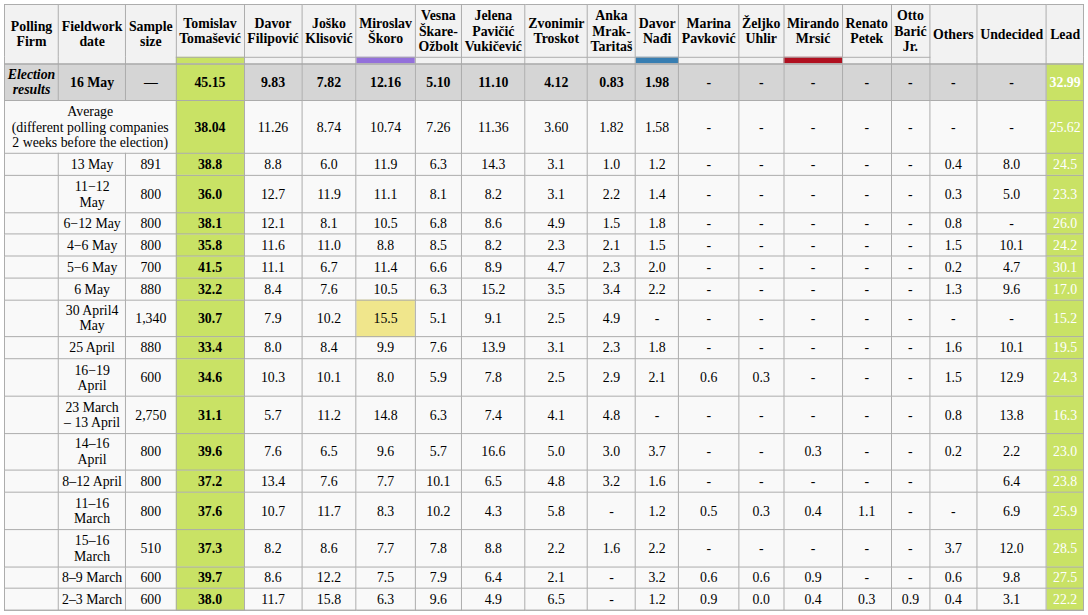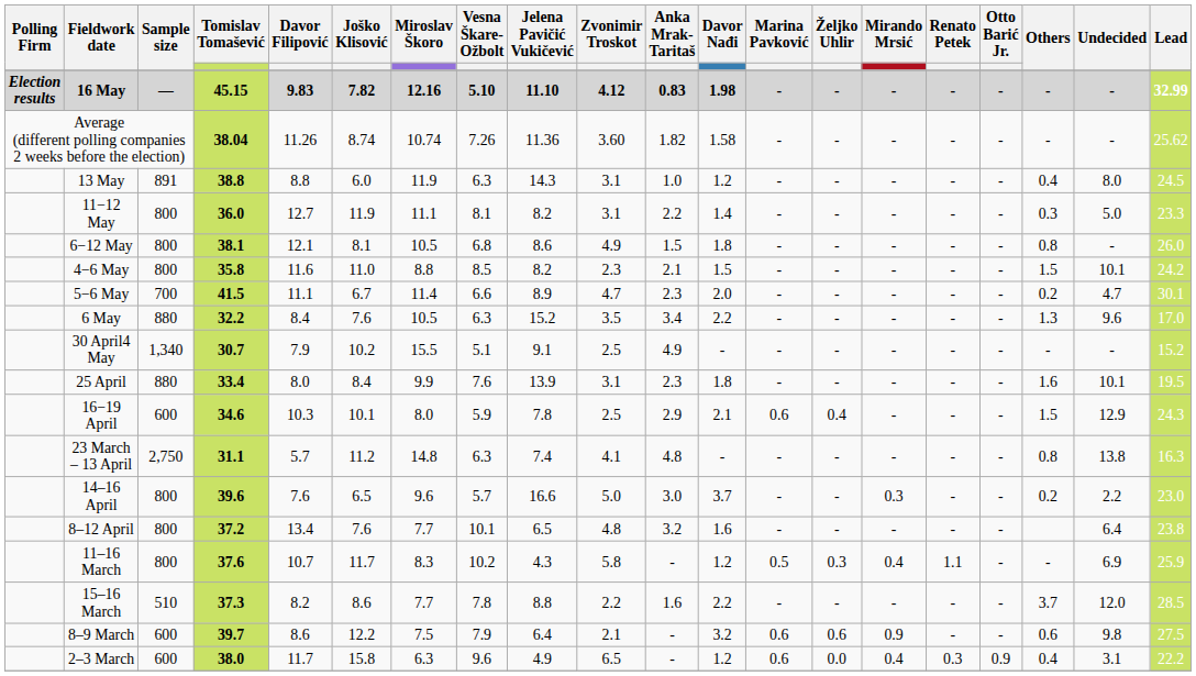 <table class="wikitable sortable" style="text-align:center; font-size:90%; line-height:16px;">
 <tr style="height:42px;">
 <th rowspan="2" style="width:40px;">Polling Firm</th>
 <th rowspan="2" style="width:40px;">Fieldwork date</th>
 <th rowspan="2" style="width:40px;">Sample <br> size</th>
 <th class="unsortable" style="width:40px;">Tomislav Tomašević</th>
 <th class="unsortable" style="width:40px;">Davor Filipović</th>
 <th class="unsortable" style="width:40px;">Joško Klisović</th>
 <th class="unsortable" style="width:40px;">Miroslav Škoro</th>
 <th class="unsortable" style="width:40px;">Vesna Škare-Ožbolt</th>
 <th class="unsortable" style="width:40px;">Jelena Pavičić Vukičević</th>
 <th class="unsortable" style="width:40px;">Zvonimir Troskot</th>
 <th class="unsortable" style="width:40px;">Anka Mrak-Taritaš</th>
 <th class="unsortable" style="width:40px;">Davor Nađi</th>
 <th class="unsortable" style="width:40px;">Marina Pavković</th>
 <th class="unsortable" style="width:40px;">Željko Uhlir</th>
 <th class="unsortable" style="width:40px;">Mirando Mrsić</th>
 <th class="unsortable" style="width:40px;">Renato Petek</th>
 <th class="unsortable" style="width:40px;">Otto Barić Jr.</th>
 <th rowspan="2" class="unsortable" style="width:40px;">Others</th>
 <th rowspan="2" class="unsortable" style="width:40px;">Undecided</th>
 <th rowspan="2" class="unsortable" style="width:20px;">Lead</th>
 </tr>
 <tr>
 <th class="unsortable" style="background:#C9E265" width="45px"></th>
 <th class="unsortable" style="color:inherit;background:"></th>
 <th class="unsortable" style="color:inherit;background:"></th>
 <th class="unsortable" style="color:inherit;background:#9370DB; width:45px;"></th>
 <th class="unsortable" style="background:"></th>
 <th class="unsortable" style="color:inherit;background:"></th>
 <th class="unsortable" style="color:inherit;background:"></th>
 <th class="unsortable" style="color:inherit;background:"></th>
 <th class="unsortable" style="background:#377EB2" width="45px"></th>
 <th class="unsortable" style="background:"></th>
 <th class="unsortable" style="color:inherit;background:"></th>
 <th class="unsortable" style="background:#B00F1F" width="45px"></th>
 <th class="unsortable" style="background:"></th>
 <th class="unsortable" style="background:"></th>
 </tr>
 <tr>
 </tr>
 <tr style="background:#D5D5D5; font-weight:bold;">
 <td style="width:10em"><em>Election results</em></td>
 <td style="width:9em">16 May</td>
 <td>—</td>
 <td style="background:#C9E265"><strong>45.15</strong></td>
 <td>9.83</td>
 <td>7.82</td>
 <td><strong>12.16</strong></td>
 <td>5.10</td>
 <td>11.10</td>
 <td>4.12</td>
 <td>0.83</td>
 <td>1.98</td>
 <td>-</td>
 <td>-</td>
 <td>-</td>
 <td>-</td>
 <td>-</td>
 <td>-</td>
 <td>-</td>
 <td style="background:#C9E265; color: white">32.99</td>
 </tr>
 <tr>
 <td colspan=3>Average<br>(different polling companies 2 weeks before the election)</td>
 <td style="background:#C9E265"><strong>38.04</strong></td>
 <td>11.26</td>
 <td>8.74</td>
 <td>10.74</td>
 <td>7.26</td>
 <td>11.36</td>
 <td>3.60</td>
 <td>1.82</td>
 <td>1.58</td>
 <td>-</td>
 <td>-</td>
 <td>-</td>
 <td>-</td>
 <td>-</td>
 <td>-</td>
 <td>-</td>
 <td style="background:#C9E265; color: white">25.62</td>
 </tr>
 <tr>
 <td> </td>
 <td>13 May</td>
 <td>891</td>
 <td style="background:#C9E265"><strong>38.8</strong></td>
 <td>8.8</td>
 <td>6.0</td>
 <td>11.9</td>
 <td>6.3</td>
 <td>14.3</td>
 <td>3.1</td>
 <td>1.0</td>
 <td>1.2</td>
 <td>-</td>
 <td>-</td>
 <td>-</td>
 <td>-</td>
 <td>-</td>
 <td>0.4</td>
 <td>8.0</td>
 <td style="background:#C9E265; color: white">24.5</td>
 </tr>
 <tr>
 <td></td>
 <td>11−12 May</td>
 <td>800</td>
 <td style="background:#C9E265"><strong>36.0</strong></td>
 <td>12.7</td>
 <td>11.9</td>
 <td>11.1</td>
 <td>8.1</td>
 <td>8.2</td>
 <td>3.1</td>
 <td>2.2</td>
 <td>1.4</td>
 <td>-</td>
 <td>-</td>
 <td>-</td>
 <td>-</td>
 <td>-</td>
 <td>0.3</td>
 <td>5.0</td>
 <td style="background:#C9E265; color: white">23.3</td>
 </tr>
 <tr>
 <td></td>
 <td>6−12 May</td>
 <td>800</td>
 <td style="background:#C9E265"><strong>38.1</strong></td>
 <td>12.1</td>
 <td>8.1</td>
 <td>10.5</td>
 <td>6.8</td>
 <td>8.6</td>
 <td>4.9</td>
 <td>1.5</td>
 <td>1.8</td>
 <td>-</td>
 <td>-</td>
 <td>-</td>
 <td>-</td>
 <td>-</td>
 <td>0.8</td>
 <td>-</td>
 <td style="background:#C9E265; color: white">26.0</td>
 </tr>
 <tr>
 <td></td>
 <td>4−6 May</td>
 <td>800</td>
 <td style="background:#C9E265"><strong>35.8</strong></td>
 <td>11.6</td>
 <td>11.0</td>
 <td>8.8</td>
 <td>8.5</td>
 <td>8.2</td>
 <td>2.3</td>
 <td>2.1</td>
 <td>1.5</td>
 <td>-</td>
 <td>-</td>
 <td>-</td>
 <td>-</td>
 <td>-</td>
 <td>1.5</td>
 <td>10.1</td>
 <td style="background:#C9E265; color: white">24.2</td>
 </tr>
 <tr>
 <td></td>
 <td>5−6 May</td>
 <td>700</td>
 <td style="background:#C9E265"><strong>41.5</strong></td>
 <td>11.1</td>
 <td>6.7</td>
 <td>11.4</td>
 <td>6.6</td>
 <td>8.9</td>
 <td>4.7</td>
 <td>2.3</td>
 <td>2.0</td>
 <td>-</td>
 <td>-</td>
 <td>-</td>
 <td>-</td>
 <td>-</td>
 <td>0.2</td>
 <td>4.7</td>
 <td style="background:#C9E265; color: white">30.1</td>
 </tr>
 <tr>
 <td></td>
 <td>6 May</td>
 <td>880</td>
 <td style="background:#C9E265"><strong>32.2</strong></td>
 <td>8.4</td>
 <td>7.6</td>
 <td>10.5</td>
 <td>6.3</td>
 <td>15.2</td>
 <td>3.5</td>
 <td>3.4</td>
 <td>2.2</td>
 <td>-</td>
 <td>-</td>
 <td>-</td>
 <td>-</td>
 <td>-</td>
 <td>1.3</td>
 <td>9.6</td>
 <td style="background:#C9E265; color: white">17.0</td>
 </tr>
 <tr>
 <td></td>
 <td>30 April4 May</td>
 <td>1,340</td>
 <td style="background:#C9E265"><strong>30.7</strong></td>
 <td>7.9</td>
 <td>10.2</td>
-<td style="background: khaki;">15.5</td>
+<td>15.5</td>
 <td>5.1</td>
 <td>9.1</td>
 <td>2.5</td>
 <td>4.9</td>
 <td>-</td>
 <td>-</td>
 <td>-</td>
 <td>-</td>
 <td>-</td>
 <td>-</td>
 <td>-</td>
 <td>-</td>
 <td style="background:#C9E265; color: white">15.2</td>
 </tr>
 <tr>
 <td></td>
 <td>25 April</td>
 <td>880</td>
 <td style="background:#C9E265"><strong>33.4</strong></td>
 <td>8.0</td>
 <td>8.4</td>
 <td>9.9</td>
 <td>7.6</td>
 <td>13.9</td>
 <td>3.1</td>
 <td>2.3</td>
 <td>1.8</td>
 <td>-</td>
 <td>-</td>
 <td>-</td>
 <td>-</td>
 <td>-</td>
 <td>1.6</td>
 <td>10.1</td>
 <td style="background:#C9E265; color: white">19.5</td>
 </tr>
 <tr>
 <td></td>
 <td>16−19 April</td>
 <td>600</td>
 <td style="background:#C9E265"><strong>34.6</strong></td>
 <td>10.3</td>
 <td>10.1</td>
 <td>8.0</td>
 <td>5.9</td>
 <td>7.8</td>
 <td>2.5</td>
 <td>2.9</td>
 <td>2.1</td>
 <td>0.6</td>
-<td>0.3</td>
+<td>0.4</td>
 <td>-</td>
 <td>-</td>
 <td>-</td>
 <td>1.5</td>
 <td>12.9</td>
 <td style="background:#C9E265; color: white">24.3</td>
 </tr>
 <tr>
 <td></td>
 <td>23 March – 13 April</td>
 <td>2,750</td>
 <td style="background:#C9E265"><strong>31.1</strong></td>
 <td>5.7</td>
 <td>11.2</td>
 <td>14.8</td>
 <td>6.3</td>
 <td>7.4</td>
 <td>4.1</td>
 <td>4.8</td>
 <td>-</td>
 <td>-</td>
 <td>-</td>
 <td>-</td>
 <td>-</td>
 <td>-</td>
 <td>0.8</td>
 <td>13.8</td>
 <td style="background:#C9E265; color: white">16.3</td>
 </tr>
 <tr>
 <td></td>
 <td>14–16 April</td>
 <td>800</td>
 <td style="background:#C9E265"><strong>39.6</strong></td>
 <td>7.6</td>
 <td>6.5</td>
 <td>9.6</td>
 <td>5.7</td>
 <td>16.6</td>
 <td>5.0</td>
 <td>3.0</td>
 <td>3.7</td>
 <td>-</td>
 <td>-</td>
 <td>0.3</td>
 <td>-</td>
 <td>-</td>
 <td>0.2</td>
 <td>2.2</td>
 <td style="background:#C9E265; color: white">23.0</td>
 </tr>
 <tr>
 <td></td>
 <td>8–12 April</td>
 <td>800</td>
 <td style="background:#C9E265"><strong>37.2</strong></td>
 <td>13.4</td>
 <td>7.6</td>
 <td>7.7</td>
 <td>10.1</td>
 <td>6.5</td>
 <td>4.8</td>
 <td>3.2</td>
 <td>1.6</td>
 <td>-</td>
 <td>-</td>
 <td>-</td>
 <td>-</td>
 <td>-</td>
 <td></td>
 <td>6.4</td>
 <td style="background:#C9E265; color: white">23.8</td>
 </tr>
 <tr>
 <td></td>
 <td>11–16 March</td>
 <td>800</td>
 <td style="background:#C9E265"><strong>37.6</strong></td>
 <td>10.7</td>
 <td>11.7</td>
 <td>8.3</td>
 <td>10.2</td>
 <td>4.3</td>
 <td>5.8</td>
 <td>-</td>
 <td>1.2</td>
 <td>0.5</td>
 <td>0.3</td>
 <td>0.4</td>
 <td>1.1</td>
 <td>-</td>
 <td>-</td>
 <td>6.9</td>
 <td style="background:#C9E265; color: white">25.9</td>
 </tr>
 <tr>
 <td></td>
 <td>15–16 March</td>
 <td>510</td>
 <td style="background:#C9E265"><strong>37.3</strong></td>
 <td>8.2</td>
 <td>8.6</td>
 <td>7.7</td>
 <td>7.8</td>
 <td>8.8</td>
 <td>2.2</td>
 <td>1.6</td>
 <td>2.2</td>
 <td>-</td>
 <td>-</td>
 <td>-</td>
 <td>-</td>
 <td>-</td>
 <td>3.7</td>
 <td>12.0</td>
 <td style="background:#C9E265; color: white">28.5</td>
 </tr>
 <tr>
 <td></td>
 <td>8–9 March</td>
 <td>600</td>
 <td style="background:#C9E265"><strong>39.7</strong></td>
 <td>8.6</td>
 <td>12.2</td>
 <td>7.5</td>
 <td>7.9</td>
 <td>6.4</td>
 <td>2.1</td>
 <td>-</td>
 <td>3.2</td>
 <td>0.6</td>
 <td>0.6</td>
 <td>0.9</td>
 <td>-</td>
 <td>-</td>
 <td>0.6</td>
 <td>9.8</td>
 <td style="background:#C9E265; color: white">27.5</td>
 </tr>
 <tr>
 <td></td>
 <td>2–3 March</td>
 <td>600</td>
 <td style="background:#C9E265"><strong>38.0</strong></td>
 <td>11.7</td>
 <td>15.8</td>
 <td>6.3</td>
 <td>9.6</td>
 <td>4.9</td>
 <td>6.5</td>
 <td>-</td>
 <td>1.2</td>
-<td>0.9</td>
+<td>0.6</td>
 <td>0.0</td>
 <td>0.4</td>
 <td>0.3</td>
 <td>0.9</td>
 <td>0.4</td>
 <td>3.1</td>
 <td style="background:#C9E265; color: white">22.2</td>
 </tr>
 <tr>
 </tr>
 </table>
